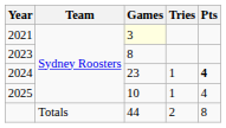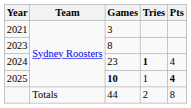 <table class="wikitable">
 <tr>
 <th>Year</th>
 <th>Team</th>
 <th>Games</th>
 <th>Tries</th>
 <th>Pts</th>
 </tr>
 <tr>
 <td>2021</td>
 <td rowspan="4"> <a href='#'>Sydney Roosters</a></td>
-<td style="background: lightyellow;">3</td>
+<td>3</td>
 <td></td>
 <td></td>
 </tr>
 <tr>
 <td>2023</td>
 <td>8</td>
 <td></td>
 <td></td>
 </tr>
 <tr>
 <td>2024</td>
 <td>23</td>
-<td>1</td>
-<td><strong>4</strong></td>
+<td><strong>1</strong></td>
+<td>4</td>
 </tr>
 <tr>
 <td>2025</td>
-<td>10</td>
+<td><strong>10</strong></td>
 <td>1</td>
-<td>4</td>
+<td><strong>4</strong></td>
 </tr>
 <tr>
 <td></td>
 <td>Totals</td>
 <td>44</td>
 <td>2</td>
 <td>8</td>
 </tr>
 </table>
